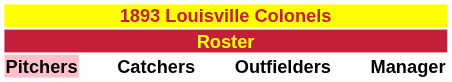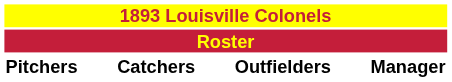 <table class="toccolours" style="font-size: 95%;">
 <tr>
 <th colspan="10" style="background-color: #FFFF00; color: #C41E3A; text-align: center;">1893 Louisville Colonels</th>
 </tr>
 <tr>
 <td colspan="10" style="background-color: #C41E3A; color: yellow; text-align: center;"><strong>Roster</strong></td>
 </tr>
 <tr>
-<td valign="top" style="background: pink;"><strong>Pitchers</strong><br>         </td>
+<td valign="top"><strong>Pitchers</strong><br>         </td>
 <td width="25px"></td>
 <td valign="top"><strong>Catchers</strong><br>        </td>
 <td width="25px"></td>
 <td valign="top"><strong>Outfielders</strong><br>    </td>
 <td width="25px"></td>
 <td valign="top"><strong>Manager</strong><br></td>
 </tr>
 </table>
